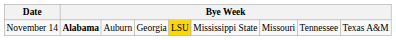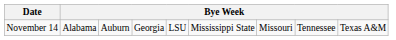 <table class="wikitable" style="font-size:95%;">
 <tr>
 <th>Date</th>
 <th colspan="8">Bye Week</th>
 </tr>
 <tr>
 <td>November 14</td>
-<td><strong>Alabama</strong></td>
+<td>Alabama</td>
 <td>Auburn</td>
 <td>Georgia</td>
-<td style="background: gold;">LSU</td>
+<td>LSU</td>
 <td>Mississippi State</td>
 <td>Missouri</td>
 <td>Tennessee</td>
 <td>Texas A&M</td>
 </tr>
 </table>
